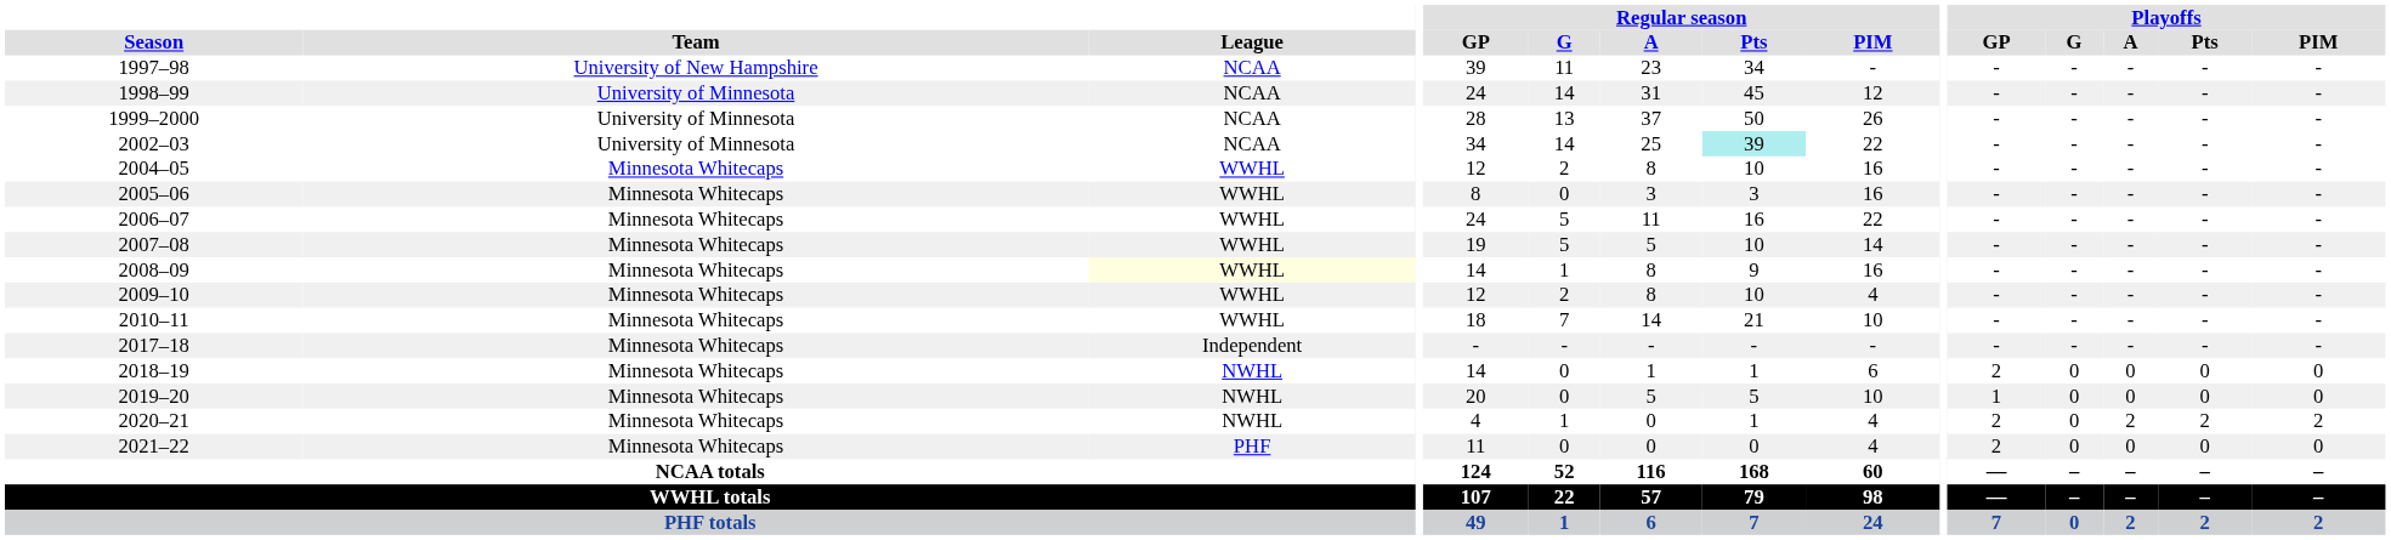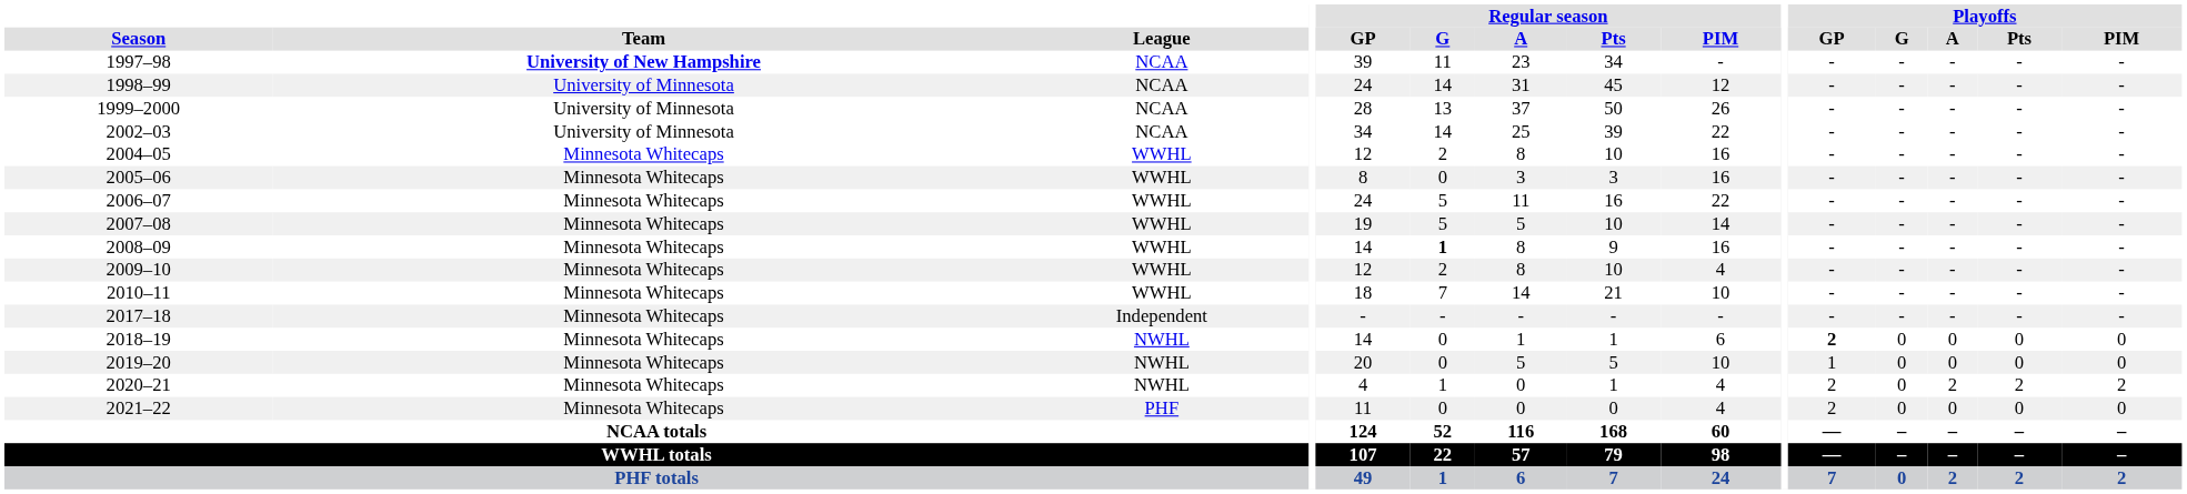 <table border="0" cellpadding="1" cellspacing="0" style="text-align:center; width:95%">
 <tr bgcolor="#e0e0e0">
 <th colspan="3" bgcolor="#ffffff"></th>
 <th rowspan="99" bgcolor="#ffffff"></th>
 <th colspan="5"><a href='#'>Regular season</a></th>
 <th rowspan="99" bgcolor="#ffffff"></th>
 <th colspan="5"><a href='#'>Playoffs</a></th>
 </tr>
 <tr bgcolor="#e0e0e0">
 <th><a href='#'>Season</a></th>
 <th>Team</th>
 <th>League</th>
 <th>GP</th>
 <th><a href='#'>G</a></th>
 <th><a href='#'>A</a></th>
 <th><a href='#'>Pts</a></th>
 <th><a href='#'>PIM</a></th>
 <th>GP</th>
 <th>G</th>
 <th>A</th>
 <th>Pts</th>
 <th>PIM</th>
 </tr>
 <tr>
 </tr>
 <tr>
 <td>1997–98</td>
-<td><a href='#'>University of New Hampshire</a></td>
+<td><strong><a href='#'>University of New Hampshire</a></strong></td>
 <td><a href='#'>NCAA</a></td>
 <td>39</td>
 <td>11</td>
 <td>23</td>
 <td>34</td>
 <td>-</td>
 <td>-</td>
 <td>-</td>
 <td>-</td>
 <td>-</td>
 <td>-</td>
 </tr>
 <tr bgcolor="#f0f0f0">
 <td>1998–99</td>
 <td><a href='#'>University of Minnesota</a></td>
 <td>NCAA</td>
 <td>24</td>
 <td>14</td>
 <td>31</td>
 <td>45</td>
 <td>12</td>
 <td>-</td>
 <td>-</td>
 <td>-</td>
 <td>-</td>
 <td>-</td>
 </tr>
 <tr>
 <td>1999–2000</td>
 <td>University of Minnesota</td>
 <td>NCAA</td>
 <td>28</td>
 <td>13</td>
 <td>37</td>
 <td>50</td>
 <td>26</td>
 <td>-</td>
 <td>-</td>
 <td>-</td>
 <td>-</td>
 <td>-</td>
 </tr>
 <tr>
 <td>2002–03</td>
 <td>University of Minnesota</td>
 <td>NCAA</td>
 <td>34</td>
 <td>14</td>
 <td>25</td>
-<td style="background: paleturquoise;">39</td>
+<td>39</td>
 <td>22</td>
 <td>-</td>
 <td>-</td>
 <td>-</td>
 <td>-</td>
 <td>-</td>
 </tr>
 <tr>
 <td>2004–05</td>
 <td><a href='#'>Minnesota Whitecaps</a></td>
 <td><a href='#'>WWHL</a></td>
 <td>12</td>
 <td>2</td>
 <td>8</td>
 <td>10</td>
 <td>16</td>
 <td>-</td>
 <td>-</td>
 <td>-</td>
 <td>-</td>
 <td>-</td>
 </tr>
 <tr bgcolor="#f0f0f0">
 <td>2005–06</td>
 <td>Minnesota Whitecaps</td>
 <td>WWHL</td>
 <td>8</td>
 <td>0</td>
 <td>3</td>
 <td>3</td>
 <td>16</td>
 <td>-</td>
 <td>-</td>
 <td>-</td>
 <td>-</td>
 <td>-</td>
 </tr>
 <tr>
 <td>2006–07</td>
 <td>Minnesota Whitecaps</td>
 <td>WWHL</td>
 <td>24</td>
 <td>5</td>
 <td>11</td>
 <td>16</td>
 <td>22</td>
 <td>-</td>
 <td>-</td>
 <td>-</td>
 <td>-</td>
 <td>-</td>
 </tr>
 <tr bgcolor="#f0f0f0">
 <td>2007–08</td>
 <td>Minnesota Whitecaps</td>
 <td>WWHL</td>
 <td>19</td>
 <td>5</td>
 <td>5</td>
 <td>10</td>
 <td>14</td>
 <td>-</td>
 <td>-</td>
 <td>-</td>
 <td>-</td>
 <td>-</td>
 </tr>
 <tr>
 <td>2008–09</td>
 <td>Minnesota Whitecaps</td>
-<td style="background: lightyellow;">WWHL</td>
+<td>WWHL</td>
 <td>14</td>
-<td>1</td>
+<td><strong>1</strong></td>
 <td>8</td>
 <td>9</td>
 <td>16</td>
 <td>-</td>
 <td>-</td>
 <td>-</td>
 <td>-</td>
 <td>-</td>
 </tr>
 <tr bgcolor="#f0f0f0">
 <td>2009–10</td>
 <td>Minnesota Whitecaps</td>
 <td>WWHL</td>
 <td>12</td>
 <td>2</td>
 <td>8</td>
 <td>10</td>
 <td>4</td>
 <td>-</td>
 <td>-</td>
 <td>-</td>
 <td>-</td>
 <td>-</td>
 </tr>
 <tr>
 <td>2010–11</td>
 <td>Minnesota Whitecaps</td>
 <td>WWHL</td>
 <td>18</td>
 <td>7</td>
 <td>14</td>
 <td>21</td>
 <td>10</td>
 <td>-</td>
 <td>-</td>
 <td>-</td>
 <td>-</td>
 <td>-</td>
 </tr>
 <tr bgcolor="#f0f0f0">
 <td>2017–18</td>
 <td>Minnesota Whitecaps</td>
 <td>Independent</td>
 <td>-</td>
 <td>-</td>
 <td>-</td>
 <td>-</td>
 <td>-</td>
 <td>-</td>
 <td>-</td>
 <td>-</td>
 <td>-</td>
 <td>-</td>
 </tr>
 <tr>
 <td>2018–19</td>
 <td>Minnesota Whitecaps</td>
 <td><a href='#'>NWHL</a></td>
 <td>14</td>
 <td>0</td>
 <td>1</td>
 <td>1</td>
 <td>6</td>
-<td>2</td>
+<td><strong>2</strong></td>
 <td>0</td>
 <td>0</td>
 <td>0</td>
 <td>0</td>
 </tr>
 <tr bgcolor="#f0f0f0">
 <td>2019–20</td>
 <td>Minnesota Whitecaps</td>
 <td>NWHL</td>
 <td>20</td>
 <td>0</td>
 <td>5</td>
 <td>5</td>
 <td>10</td>
 <td>1</td>
 <td>0</td>
 <td>0</td>
 <td>0</td>
 <td>0</td>
 </tr>
 <tr>
 <td>2020–21</td>
 <td>Minnesota Whitecaps</td>
 <td>NWHL</td>
 <td>4</td>
 <td>1</td>
 <td>0</td>
 <td>1</td>
 <td>4</td>
 <td>2</td>
 <td>0</td>
 <td>2</td>
 <td>2</td>
 <td>2</td>
 </tr>
 <tr bgcolor="#f0f0f0">
 <td>2021–22</td>
 <td>Minnesota Whitecaps</td>
 <td><a href='#'>PHF</a></td>
 <td>11</td>
 <td>0</td>
 <td>0</td>
 <td>0</td>
 <td>4</td>
 <td>2</td>
 <td>0</td>
 <td>0</td>
 <td>0</td>
 <td>0</td>
 </tr>
 <tr>
 <th colspan="3">NCAA totals</th>
 <th>124</th>
 <th>52</th>
 <th>116</th>
 <th>168</th>
 <th>60</th>
 <th>—</th>
 <th>–</th>
 <th>–</th>
 <th>–</th>
 <th>–</th>
 </tr>
 <tr style="background:#000000; color:white;">
 <th colspan="3">WWHL totals</th>
 <th>107</th>
 <th>22</th>
 <th>57</th>
 <th>79</th>
 <th>98</th>
 <th>—</th>
 <th>–</th>
 <th>–</th>
 <th>–</th>
 <th>–</th>
 </tr>
 <tr style="background:#CFD0D2; color:#1C449C;">
 <th colspan="3">PHF totals</th>
 <th>49</th>
 <th>1</th>
 <th>6</th>
 <th>7</th>
 <th>24</th>
 <th>7</th>
 <th>0</th>
 <th>2</th>
 <th>2</th>
 <th>2</th>
 </tr>
 </table>
